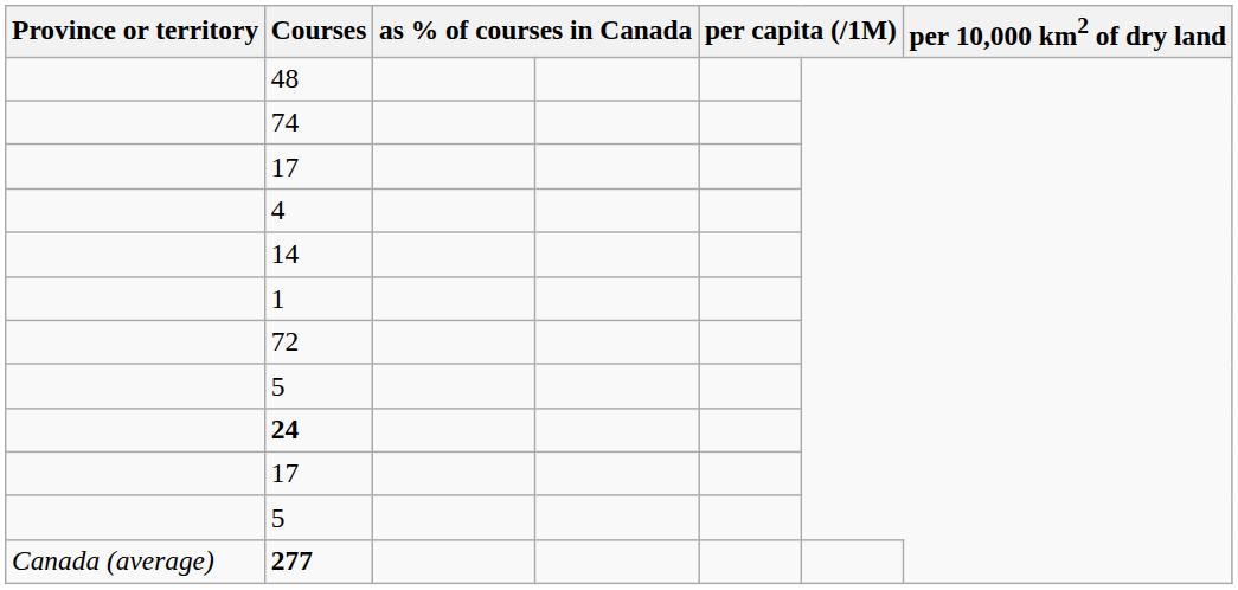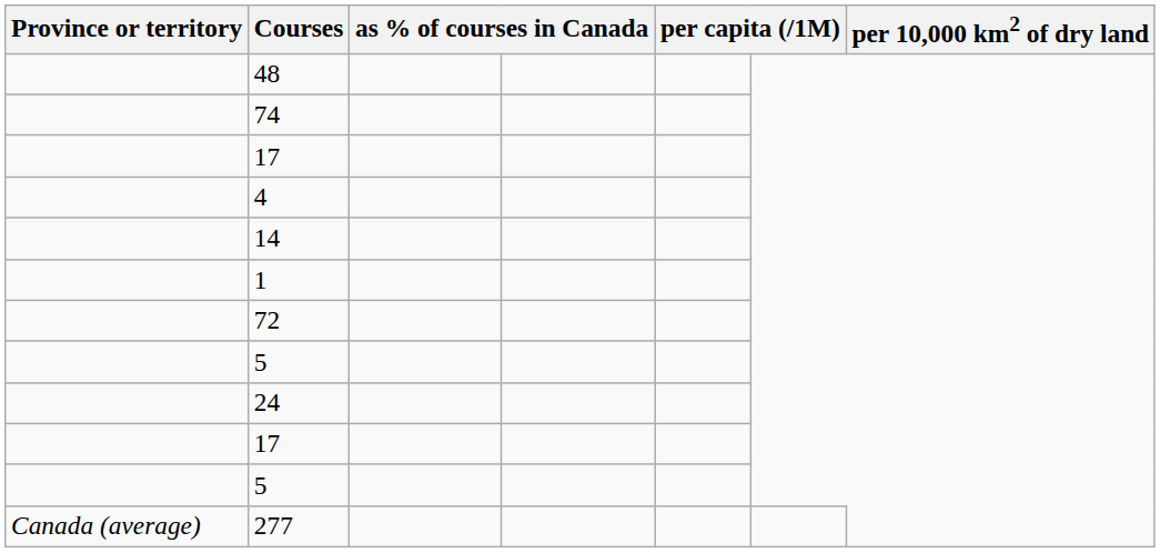 <table class="wikitable sortable">
 <tr>
 <th><strong>Province or territory</strong></th>
 <th><strong>Courses</strong></th>
 <th colspan="2"><strong>as % of courses in Canada</strong></th>
 <th colspan="2"><strong>per capita (/1M)</strong></th>
 <th colspan="2"><strong>per 10,000 km<sup>2</sup> of dry land</strong></th>
 </tr>
 <tr>
 <td></td>
 <td>48</td>
 <td></td>
 <td></td>
 <td></td>
 </tr>
 <tr>
 <td></td>
 <td>74</td>
 <td></td>
 <td></td>
 <td></td>
 </tr>
 <tr>
 <td></td>
 <td>17</td>
 <td></td>
 <td></td>
 <td></td>
 </tr>
 <tr>
 <td></td>
 <td>4</td>
 <td></td>
 <td></td>
 <td></td>
 </tr>
 <tr>
 <td></td>
 <td>14</td>
 <td></td>
 <td></td>
 <td></td>
 </tr>
 <tr>
 <td></td>
 <td>1</td>
 <td></td>
 <td></td>
 <td></td>
 </tr>
 <tr>
 <td></td>
 <td>72</td>
 <td></td>
 <td></td>
 <td></td>
 </tr>
 <tr>
 <td></td>
 <td>5</td>
 <td></td>
 <td></td>
 <td></td>
 </tr>
 <tr>
 <td></td>
-<td><strong>24</strong></td>
+<td>24</td>
 <td></td>
 <td></td>
 <td></td>
 </tr>
 <tr>
 <td></td>
 <td>17</td>
 <td></td>
 <td></td>
 <td></td>
 </tr>
 <tr>
 <td></td>
 <td>5</td>
 <td></td>
 <td></td>
 <td></td>
 </tr>
 <tr>
 <td><em>Canada (average)</em></td>
-<td><strong>277</strong></td>
+<td>277</td>
 <td></td>
 <td></td>
 <td></td>
 <td></td>
 </tr>
 </table>
